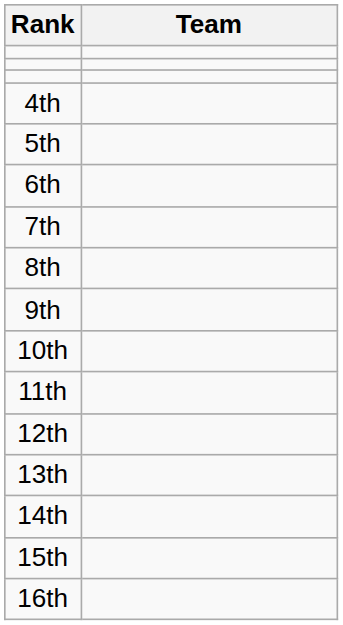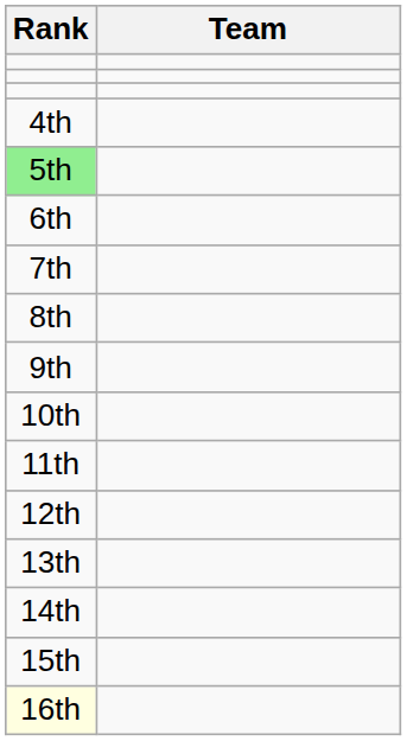 <table class=wikitable>
 <tr>
 <th>Rank</th>
 <th width=150px>Team</th>
 </tr>
 <tr align=center>
 <td></td>
 <td align=left></td>
 </tr>
 <tr align=center>
 <td></td>
 <td align=left></td>
 </tr>
 <tr align=center>
 <td></td>
 <td align=left></td>
 </tr>
 <tr align=center>
 <td>4th</td>
 <td align=left></td>
 </tr>
 <tr align=center>
-<td>5th</td>
+<td style="background: lightgreen;">5th</td>
 <td align=left></td>
 </tr>
 <tr align=center>
 <td>6th</td>
 <td align=left></td>
 </tr>
 <tr align=center>
 <td>7th</td>
 <td align=left></td>
 </tr>
 <tr align=center>
 <td>8th</td>
 <td align=left></td>
 </tr>
 <tr align=center>
 <td>9th</td>
 <td align=left></td>
 </tr>
 <tr align=center>
 <td>10th</td>
 <td align=left></td>
 </tr>
 <tr align=center>
 <td>11th</td>
 <td align=left></td>
 </tr>
 <tr align=center>
 <td>12th</td>
 <td align=left></td>
 </tr>
 <tr align=center>
 <td>13th</td>
 <td align=left></td>
 </tr>
 <tr align=center>
 <td>14th</td>
 <td align=left></td>
 </tr>
 <tr align=center>
 <td>15th</td>
 <td align=left></td>
 </tr>
 <tr align=center>
-<td>16th</td>
+<td style="background: lightyellow;">16th</td>
 <td align=left></td>
 </tr>
 </table>
